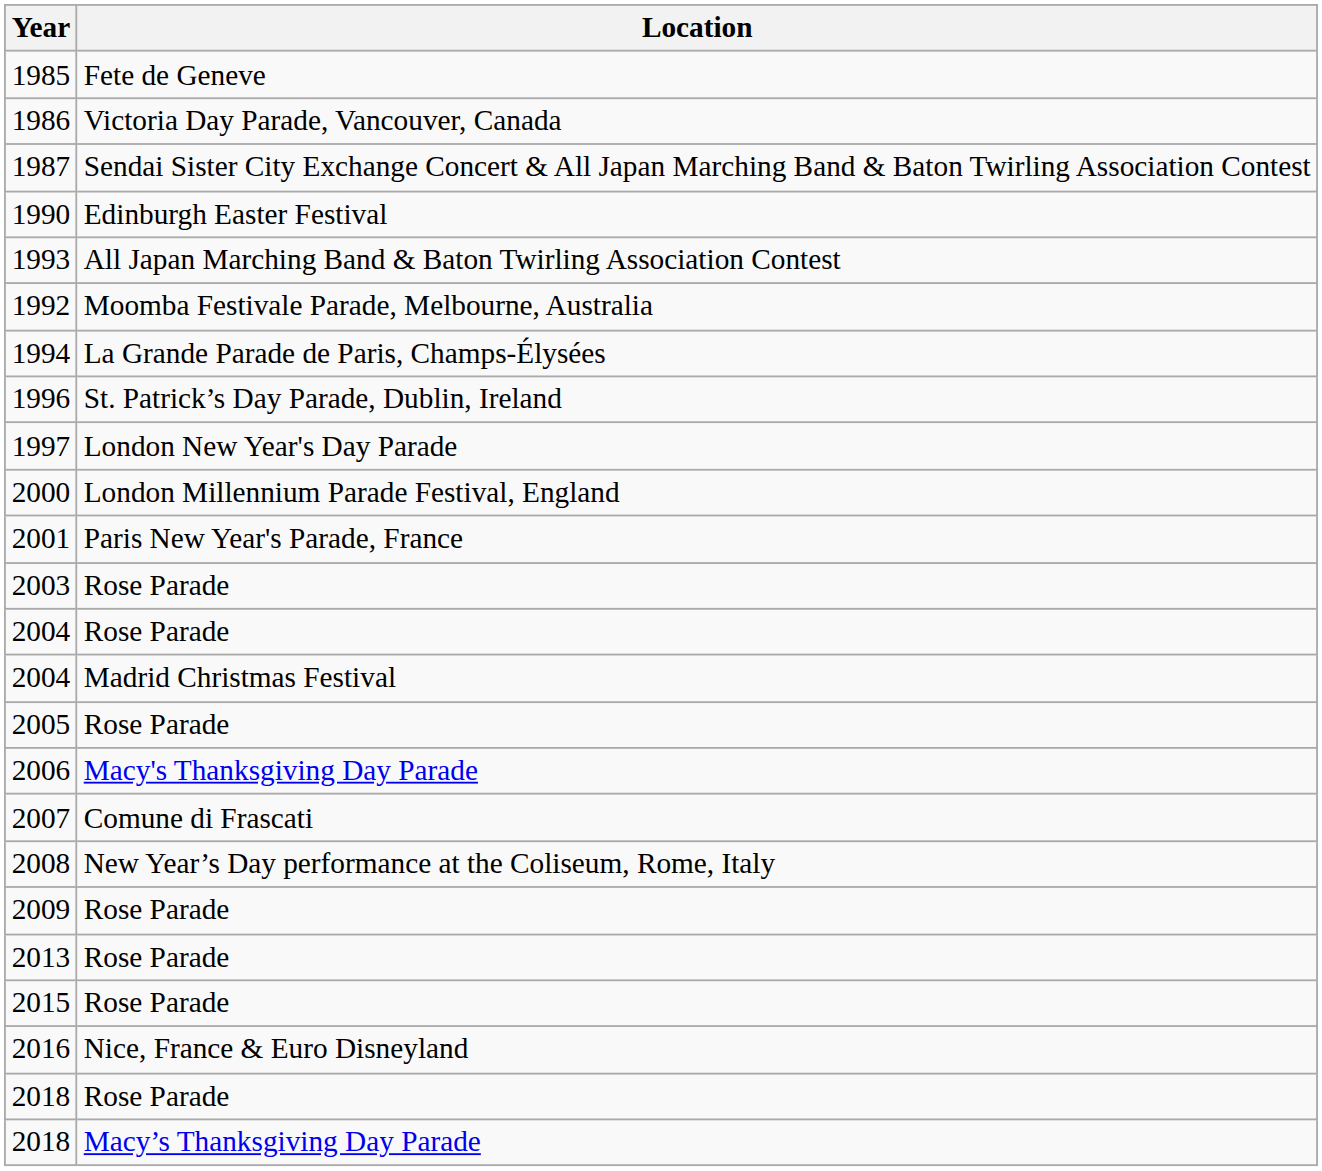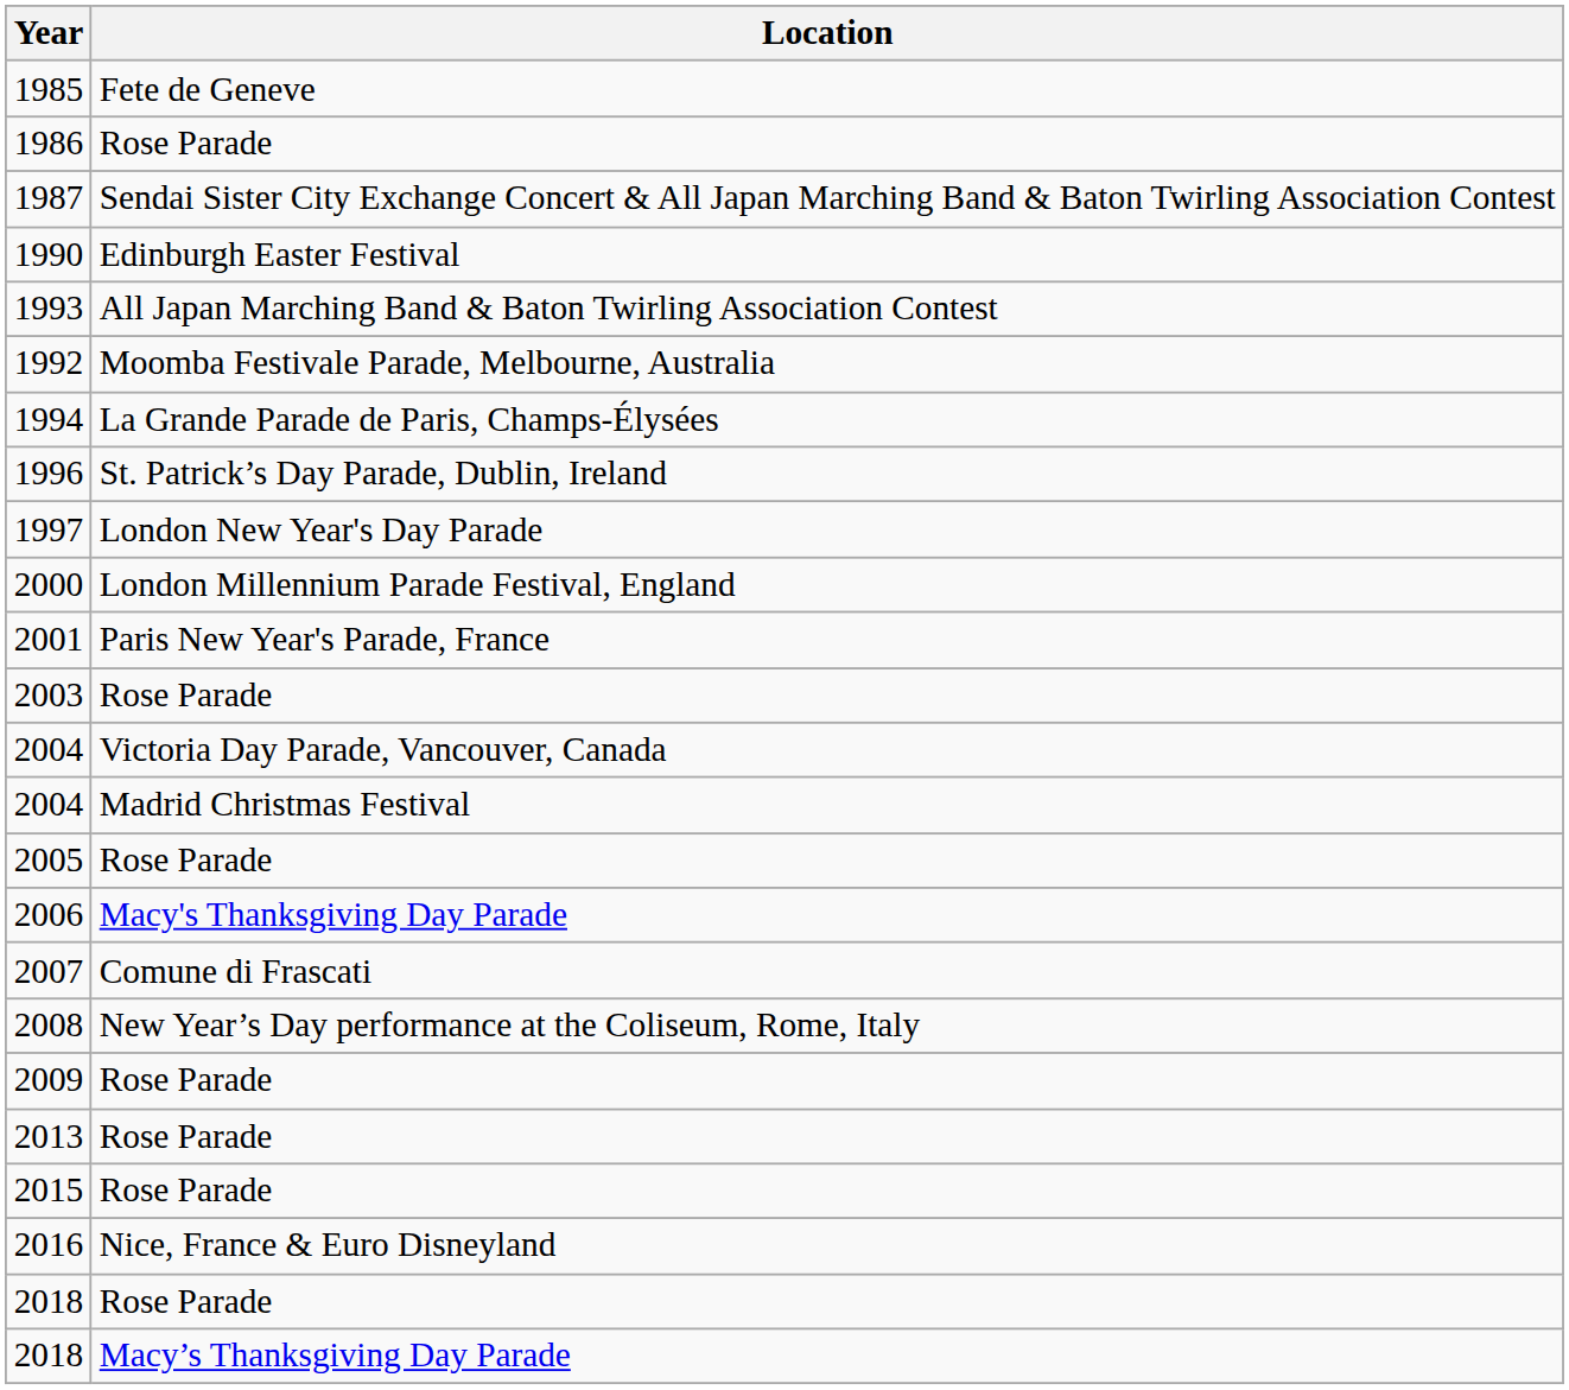 <table class="wikitable">
 <tr>
 <th>Year</th>
 <th>Location</th>
 </tr>
 <tr>
 <td>1985</td>
 <td>Fete de Geneve</td>
 </tr>
 <tr>
 <td>1986</td>
-<td>Victoria Day Parade, Vancouver, Canada</td>
+<td>Rose Parade</td>
 </tr>
 <tr>
 <td>1987</td>
 <td>Sendai Sister City Exchange Concert & All Japan Marching Band & Baton Twirling Association Contest</td>
 </tr>
 <tr>
 <td>1990</td>
 <td>Edinburgh Easter Festival</td>
 </tr>
 <tr>
 <td>1993</td>
 <td>All Japan Marching Band & Baton Twirling Association Contest</td>
 </tr>
 <tr>
 <td>1992</td>
 <td>Moomba Festivale Parade, Melbourne, Australia</td>
 </tr>
 <tr>
 <td>1994</td>
 <td>La Grande Parade de Paris, Champs-Élysées</td>
 </tr>
 <tr>
 <td>1996</td>
 <td>St. Patrick’s Day Parade, Dublin, Ireland</td>
 </tr>
 <tr>
 <td>1997</td>
 <td>London New Year's Day Parade</td>
 </tr>
 <tr>
 <td>2000</td>
 <td>London Millennium Parade Festival, England</td>
 </tr>
 <tr>
 <td>2001</td>
 <td>Paris New Year's Parade, France</td>
 </tr>
 <tr>
 <td>2003</td>
 <td>Rose Parade</td>
 </tr>
 <tr>
 <td>2004</td>
-<td>Rose Parade</td>
+<td>Victoria Day Parade, Vancouver, Canada</td>
 </tr>
 <tr>
 <td>2004</td>
 <td>Madrid Christmas Festival</td>
 </tr>
 <tr>
 <td>2005</td>
 <td>Rose Parade</td>
 </tr>
 <tr>
 <td>2006</td>
 <td><a href='#'>Macy's Thanksgiving Day Parade</a></td>
 </tr>
 <tr>
 <td>2007</td>
 <td>Comune di Frascati</td>
 </tr>
 <tr>
 <td>2008</td>
 <td>New Year’s Day performance at the Coliseum, Rome, Italy</td>
 </tr>
 <tr>
 <td>2009</td>
 <td>Rose Parade</td>
 </tr>
 <tr>
 <td>2013</td>
 <td>Rose Parade</td>
 </tr>
 <tr>
 <td>2015</td>
 <td>Rose Parade</td>
 </tr>
 <tr>
 <td>2016</td>
 <td>Nice, France & Euro Disneyland</td>
 </tr>
 <tr>
 <td>2018</td>
 <td>Rose Parade</td>
 </tr>
 <tr>
 <td>2018</td>
 <td><a href='#'>Macy’s Thanksgiving Day Parade</a></td>
 </tr>
 </table>
